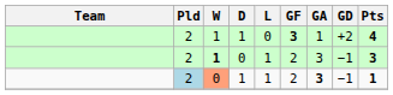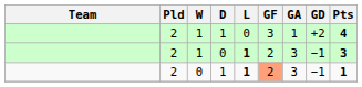 <table class="wikitable" style="text-align:center;">
 <tr>
 <th width=165>Team</th>
 <th width=20>Pld</th>
 <th width=20>W</th>
 <th width=20>D</th>
 <th width=20>L</th>
 <th width=20>GF</th>
 <th width=20>GA</th>
 <th width=20>GD</th>
 <th width=20>Pts</th>
 </tr>
 <tr align=center bgcolor="ccffcc">
 <td style="text-align:left;"></td>
 <td>2</td>
 <td>1</td>
 <td>1</td>
 <td>0</td>
-<td><strong>3</strong></td>
+<td>3</td>
 <td>1</td>
 <td>+2</td>
 <td><strong>4</strong></td>
 </tr>
 <tr align=center bgcolor="ccffcc">
 <td style="text-align:left;"></td>
 <td>2</td>
+<td>1</td>
+<td>0</td>
 <td><strong>1</strong></td>
-<td>0</td>
-<td>1</td>
 <td>2</td>
 <td>3</td>
 <td>−1</td>
 <td><strong>3</strong></td>
 </tr>
 <tr>
 <td style="text-align:left;"></td>
-<td style="background: lightblue;">2</td>
-<td style="background: lightsalmon;">0</td>
+<td>2</td>
+<td>0</td>
 <td>1</td>
-<td>1</td>
-<td>2</td>
-<td><strong>3</strong></td>
+<td><strong>1</strong></td>
+<td style="background: lightsalmon;">2</td>
+<td>3</td>
 <td>−1</td>
 <td><strong>1</strong></td>
 </tr>
 <tr>
 </tr>
 </table>
